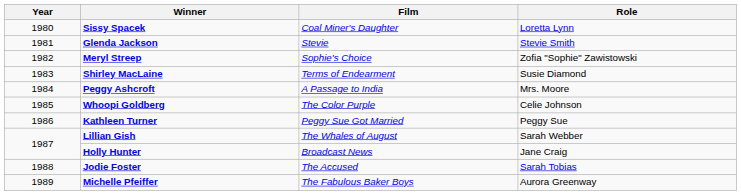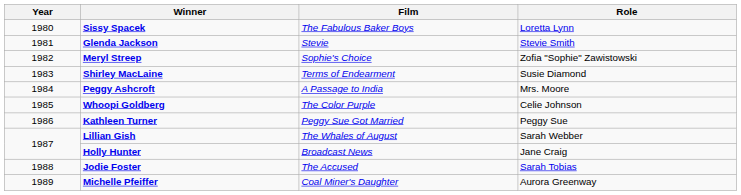 <table class="wikitable" width="95%" cellpadding="5">
 <tr>
 <th width="100"><strong>Year</strong></th>
 <th width="300"><strong>Winner</strong></th>
 <th width="300"><strong>Film</strong></th>
 <th width="300"><strong>Role</strong></th>
 </tr>
 <tr>
 <td style="text-align:center;">1980</td>
 <td><strong><a href='#'>Sissy Spacek</a></strong></td>
-<td><em><a href='#'>Coal Miner's Daughter</a></em></td>
+<td><em><a href='#'>The Fabulous Baker Boys</a></em></td>
 <td><a href='#'>Loretta Lynn</a></td>
 </tr>
 <tr>
 <td style="text-align:center;">1981</td>
 <td><strong><a href='#'>Glenda Jackson</a></strong></td>
 <td><em><a href='#'>Stevie</a></em></td>
 <td><a href='#'>Stevie Smith</a></td>
 </tr>
 <tr>
 <td style="text-align:center;">1982</td>
 <td><strong><a href='#'>Meryl Streep</a></strong></td>
 <td><em><a href='#'>Sophie's Choice</a></em></td>
 <td>Zofia "Sophie" Zawistowski</td>
 </tr>
 <tr>
 <td style="text-align:center;">1983</td>
 <td><strong><a href='#'>Shirley MacLaine</a></strong></td>
 <td><em><a href='#'>Terms of Endearment</a></em></td>
 <td>Susie Diamond</td>
 </tr>
 <tr>
 <td style="text-align:center;">1984</td>
 <td><strong><a href='#'>Peggy Ashcroft</a></strong></td>
 <td><em><a href='#'>A Passage to India</a></em></td>
 <td>Mrs. Moore</td>
 </tr>
 <tr>
 <td style="text-align:center;">1985</td>
 <td><strong><a href='#'>Whoopi Goldberg</a></strong></td>
 <td><em><a href='#'>The Color Purple</a></em></td>
 <td>Celie Johnson</td>
 </tr>
 <tr>
 <td style="text-align:center;">1986</td>
 <td><strong><a href='#'>Kathleen Turner</a></strong></td>
 <td><em><a href='#'>Peggy Sue Got Married</a></em></td>
 <td>Peggy Sue</td>
 </tr>
 <tr>
 <td rowspan="2" style="text-align:center;">1987</td>
 <td><strong><a href='#'>Lillian Gish</a></strong></td>
 <td><em><a href='#'>The Whales of August</a></em></td>
 <td>Sarah Webber</td>
 </tr>
 <tr>
 <td><strong><a href='#'>Holly Hunter</a></strong></td>
 <td><em><a href='#'>Broadcast News</a></em></td>
 <td>Jane Craig</td>
 </tr>
 <tr>
 <td style="text-align:center;">1988</td>
 <td><strong><a href='#'>Jodie Foster</a></strong></td>
 <td><em><a href='#'>The Accused</a></em></td>
 <td><a href='#'>Sarah Tobias</a></td>
 </tr>
 <tr>
 <td style="text-align:center;">1989</td>
 <td><strong><a href='#'>Michelle Pfeiffer</a></strong></td>
-<td><em><a href='#'>The Fabulous Baker Boys</a></em></td>
+<td><em><a href='#'>Coal Miner's Daughter</a></em></td>
 <td>Aurora Greenway</td>
 </tr>
 </table>
